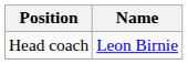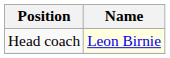 <table class="wikitable">
 <tr>
 <th>Position</th>
 <th>Name</th>
 </tr>
 <tr>
 <td>Head coach</td>
-<td> <a href='#'>Leon Birnie</a></td>
+<td style="background: lightyellow;"> <a href='#'>Leon Birnie</a></td>
 </tr>
 <tr>
 </tr>
 </table>
